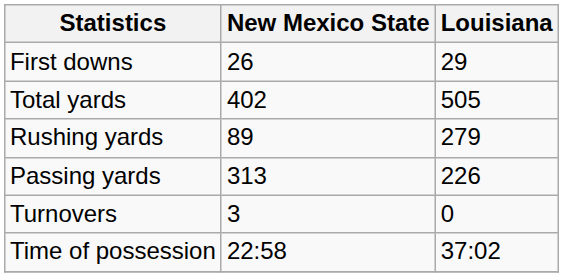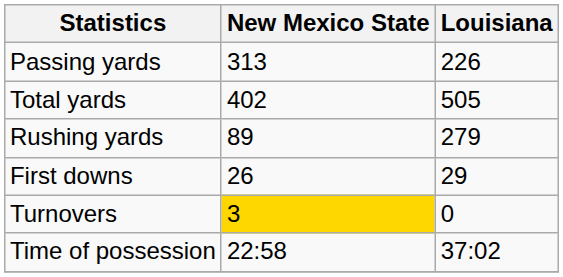 <table class="wikitable" style="float: right;">
 <tr>
 <th>Statistics</th>
 <th>New Mexico State</th>
 <th>Louisiana</th>
 </tr>
 <tr>
-<td>First downs</td>
-<td>26</td>
-<td>29</td>
+<td>Passing yards</td>
+<td>313</td>
+<td>226</td>
 </tr>
 <tr>
 <td>Total yards</td>
 <td>402</td>
 <td>505</td>
 </tr>
 <tr>
 <td>Rushing yards</td>
 <td>89</td>
 <td>279</td>
 </tr>
 <tr>
-<td>Passing yards</td>
-<td>313</td>
-<td>226</td>
+<td>First downs</td>
+<td>26</td>
+<td>29</td>
 </tr>
 <tr>
 <td>Turnovers</td>
-<td>3</td>
+<td style="background: gold;">3</td>
 <td>0</td>
 </tr>
 <tr>
 <td>Time of possession</td>
 <td>22:58</td>
 <td>37:02</td>
 </tr>
 <tr>
 </tr>
 </table>
